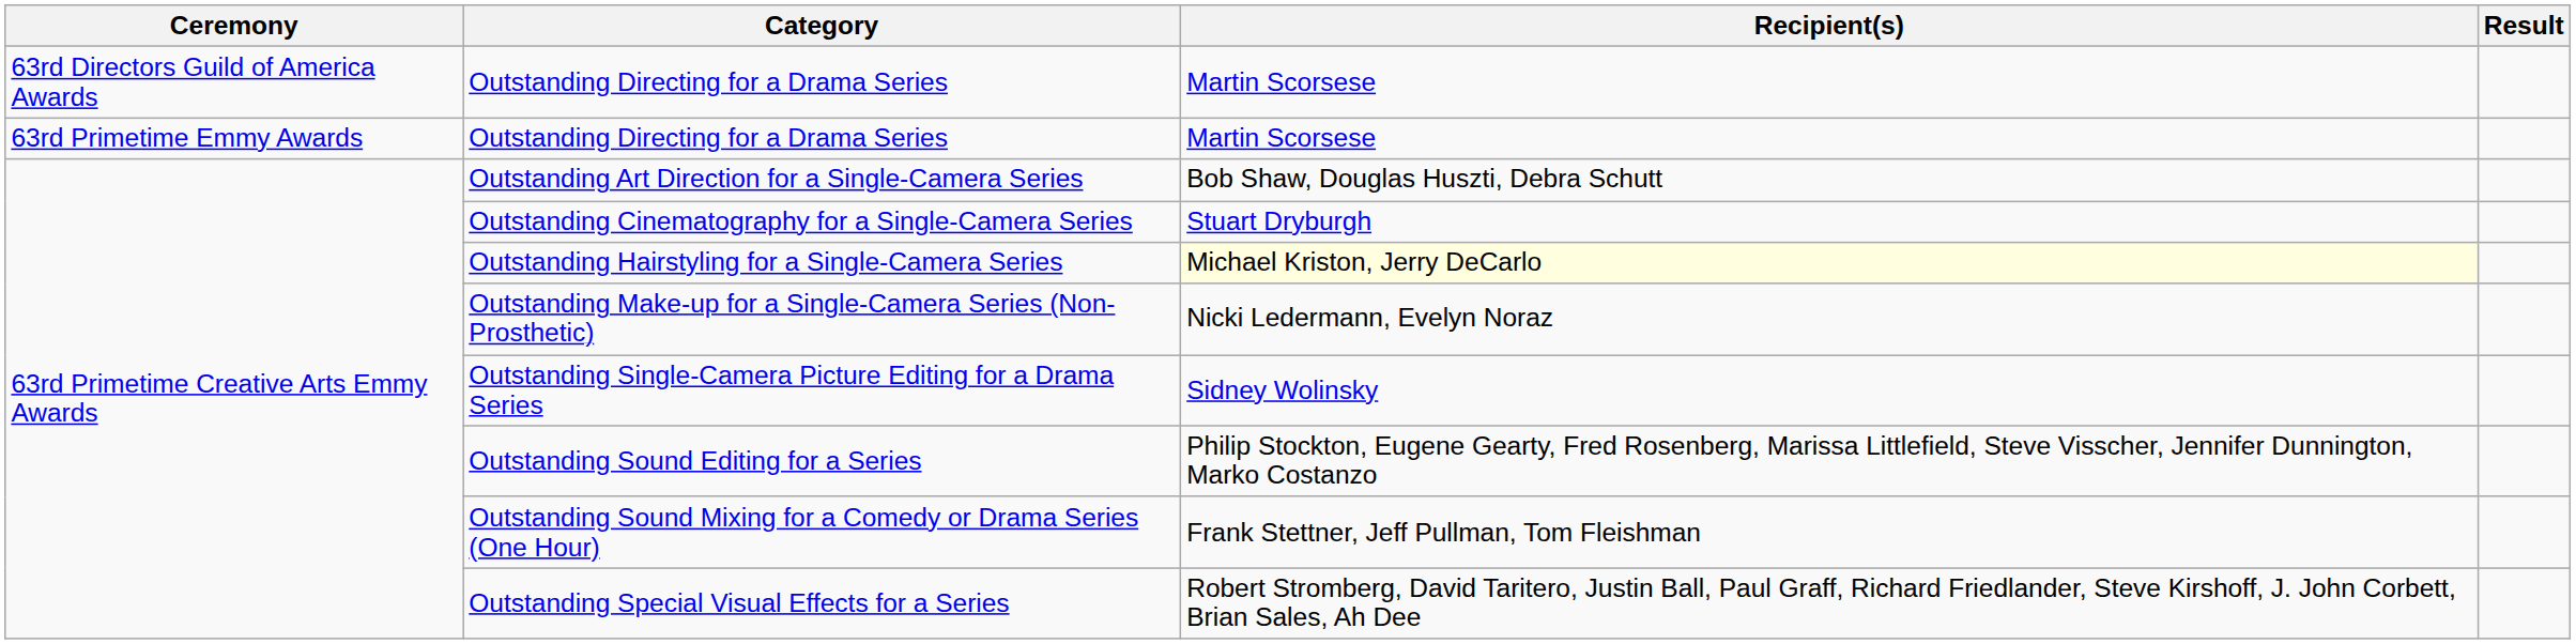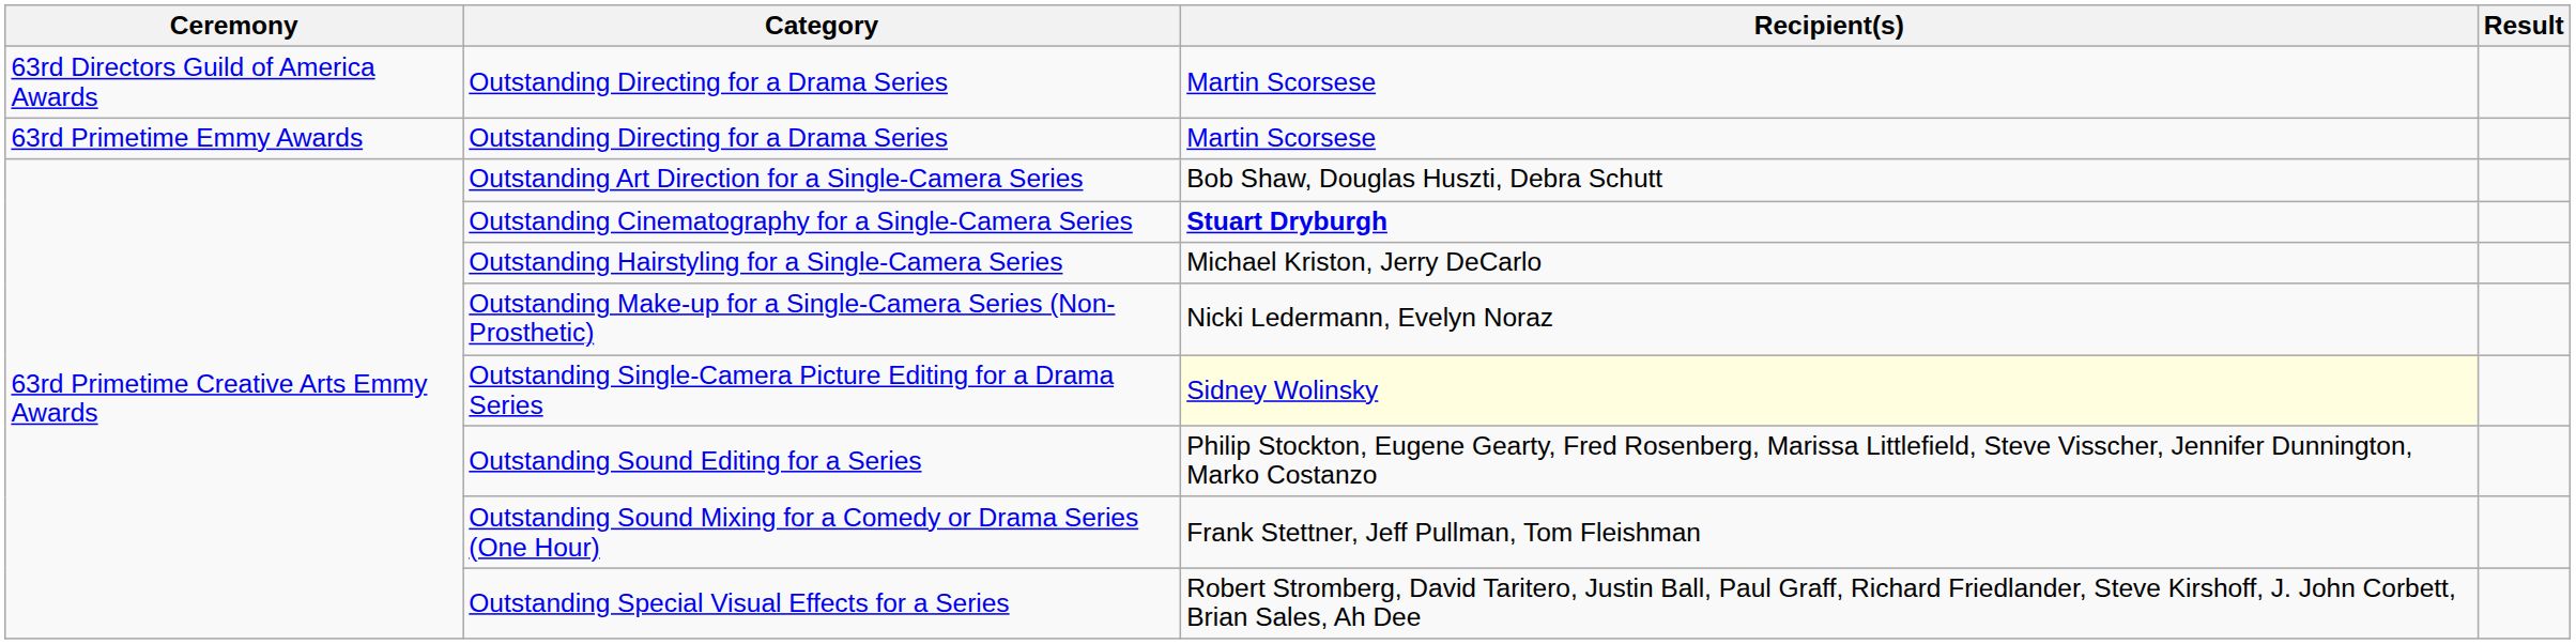 <table class="wikitable plainrowheaders sortable">
 <tr style="vertical-align:bottom;">
 <th scope="col">Ceremony</th>
 <th scope="col">Category</th>
 <th scope="col">Recipient(s)</th>
 <th scope="col">Result</th>
 </tr>
 <tr>
 <td><a href='#'>63rd Directors Guild of America Awards</a></td>
 <td><a href='#'>Outstanding Directing for a Drama Series</a></td>
 <td><a href='#'>Martin Scorsese</a></td>
 <td></td>
 </tr>
 <tr>
 <td rowspan=1><a href='#'>63rd Primetime Emmy Awards</a></td>
 <td><a href='#'>Outstanding Directing for a Drama Series</a></td>
 <td><a href='#'>Martin Scorsese</a></td>
 <td></td>
 </tr>
 <tr>
 <td rowspan=8><a href='#'>63rd Primetime Creative Arts Emmy Awards</a></td>
 <td><a href='#'>Outstanding Art Direction for a Single-Camera Series</a></td>
 <td>Bob Shaw, Douglas Huszti, Debra Schutt</td>
 <td></td>
 </tr>
 <tr>
 <td><a href='#'>Outstanding Cinematography for a Single-Camera Series</a></td>
-<td><a href='#'>Stuart Dryburgh</a></td>
+<td><strong><a href='#'>Stuart Dryburgh</a></strong></td>
 <td></td>
 </tr>
 <tr>
 <td><a href='#'>Outstanding Hairstyling for a Single-Camera Series</a></td>
-<td style="background: lightyellow;">Michael Kriston, Jerry DeCarlo</td>
+<td>Michael Kriston, Jerry DeCarlo</td>
 <td></td>
 </tr>
 <tr>
 <td><a href='#'>Outstanding Make-up for a Single-Camera Series (Non-Prosthetic)</a></td>
 <td>Nicki Ledermann, Evelyn Noraz</td>
 <td></td>
 </tr>
 <tr>
 <td><a href='#'>Outstanding Single-Camera Picture Editing for a Drama Series</a></td>
-<td><a href='#'>Sidney Wolinsky</a></td>
+<td style="background: lightyellow;"><a href='#'>Sidney Wolinsky</a></td>
 <td></td>
 </tr>
 <tr>
 <td><a href='#'>Outstanding Sound Editing for a Series</a></td>
 <td>Philip Stockton, Eugene Gearty, Fred Rosenberg, Marissa Littlefield, Steve Visscher, Jennifer Dunnington, Marko Costanzo</td>
 <td></td>
 </tr>
 <tr>
 <td><a href='#'>Outstanding Sound Mixing for a Comedy or Drama Series (One Hour)</a></td>
 <td>Frank Stettner, Jeff Pullman, Tom Fleishman</td>
 <td></td>
 </tr>
 <tr>
 <td><a href='#'>Outstanding Special Visual Effects for a Series</a></td>
 <td>Robert Stromberg, David Taritero, Justin Ball, Paul Graff, Richard Friedlander, Steve Kirshoff, J. John Corbett, Brian Sales, Ah Dee</td>
 <td></td>
 </tr>
 </table>
